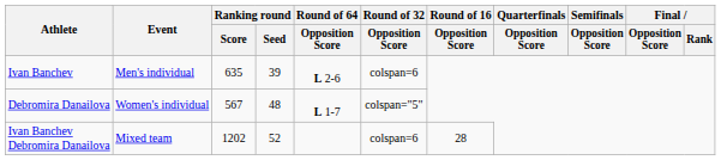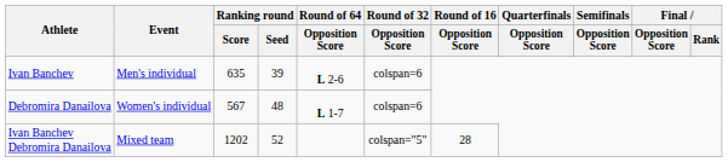 <table class="wikitable" style="text-align:center; font-size:90%">
 <tr>
 <th rowspan="2">Athlete</th>
 <th rowspan="2">Event</th>
 <th colspan="2">Ranking round</th>
 <th>Round of 64</th>
 <th>Round of 32</th>
 <th>Round of 16</th>
 <th>Quarterfinals</th>
 <th>Semifinals</th>
 <th colspan="2">Final / </th>
 </tr>
 <tr style="font-size:95%">
 <th>Score</th>
 <th>Seed</th>
 <th>Opposition<br>Score</th>
 <th>Opposition<br>Score</th>
 <th>Opposition<br>Score</th>
 <th>Opposition<br>Score</th>
 <th>Opposition<br>Score</th>
 <th>Opposition<br>Score</th>
 <th>Rank</th>
 </tr>
 <tr>
 <td align="left"><a href='#'>Ivan Banchev</a></td>
 <td align="left"><a href='#'>Men's individual</a></td>
 <td>635</td>
 <td>39</td>
 <td><br><strong>L</strong> 2-6</td>
 <td>colspan=6 </td>
 </tr>
 <tr>
 <td align="left"><a href='#'>Debromira Danailova</a></td>
 <td align="left"><a href='#'>Women's individual</a></td>
 <td>567</td>
 <td>48</td>
 <td><br><strong>L</strong> 1-7</td>
-<td>colspan="5" </td>
+<td>colspan=6 </td>
 </tr>
 <tr>
 <td align="left"><a href='#'>Ivan Banchev</a><br><a href='#'>Debromira Danailova</a></td>
 <td align="left"><a href='#'>Mixed team</a></td>
 <td>1202</td>
 <td>52</td>
 <td></td>
-<td>colspan=6 </td>
+<td>colspan="5" </td>
 <td>28</td>
 </tr>
 </table>
